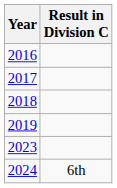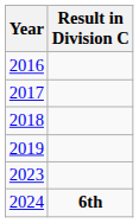 <table class="wikitable" style="text-align:center">
 <tr>
 <th>Year</th>
 <th>Result in<br>Division C</th>
 </tr>
 <tr>
 <td><a href='#'>2016</a></td>
 <td></td>
 </tr>
 <tr>
 <td><a href='#'>2017</a></td>
 <td></td>
 </tr>
 <tr>
 <td><a href='#'>2018</a></td>
 <td></td>
 </tr>
 <tr>
 <td><a href='#'>2019</a></td>
 <td></td>
 </tr>
 <tr>
 <td><a href='#'>2023</a></td>
 <td></td>
 </tr>
 <tr>
 <td><a href='#'>2024</a></td>
-<td>6th</td>
+<td><strong>6th</strong></td>
 </tr>
 </table>
